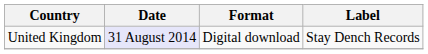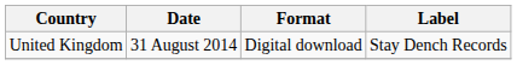 <table class="wikitable plainrowheaders">
 <tr>
 <th scope="col">Country</th>
 <th scope="col">Date</th>
 <th scope="col">Format</th>
 <th scope="col">Label</th>
 </tr>
 <tr>
 <td>United Kingdom</td>
-<td style="background: lavender;">31 August 2014</td>
+<td>31 August 2014</td>
 <td>Digital download</td>
 <td>Stay Dench Records</td>
 </tr>
 <tr>
 </tr>
 </table>
